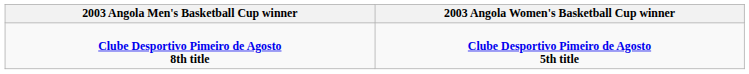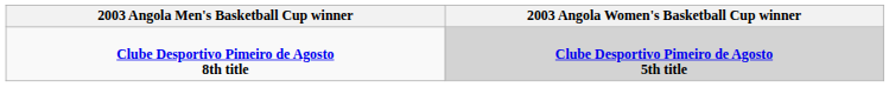 <table class=wikitable style="text-align:center; width: 1000px; margin:auto">
 <tr>
 <th width=600px>2003 Angola Men's Basketball Cup winner</th>
 <th width=600px>2003 Angola Women's Basketball Cup winner</th>
 </tr>
 <tr>
 <td><br><strong><a href='#'>Clube Desportivo Pimeiro de Agosto</a></strong><br><strong>8th title</strong></td>
-<td><br><strong><a href='#'>Clube Desportivo Pimeiro de Agosto</a></strong><br><strong>5th title</strong></td>
+<td style="background: lightgrey;"><br><strong><a href='#'>Clube Desportivo Pimeiro de Agosto</a></strong><br><strong>5th title</strong></td>
 </tr>
 </table>
